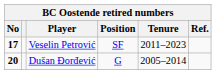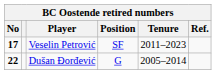 <table class="wikitable sortable" style="text-align:center">
 <tr>
 <th colspan="6">BC Oostende retired numbers</th>
 </tr>
 <tr>
 <th>No</th>
 <th></th>
 <th>Player</th>
 <th>Position</th>
 <th>Tenure</th>
 <th>Ref.</th>
 </tr>
 <tr>
 <td><strong>17</strong></td>
 <td></td>
 <td><a href='#'>Veselin Petrović</a></td>
 <td><a href='#'>SF</a></td>
 <td>2011–2023</td>
 </tr>
 <tr>
-<td><strong>20</strong></td>
+<td><strong>22</strong></td>
 <td></td>
 <td><a href='#'>Dušan Đorđević</a></td>
 <td><a href='#'>G</a></td>
 <td>2005–2014</td>
 <td></td>
 </tr>
 </table>
